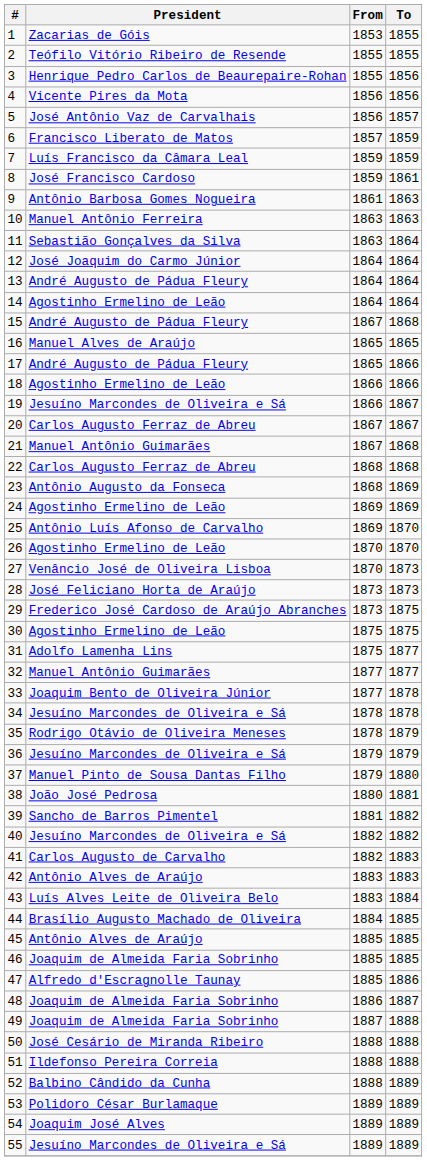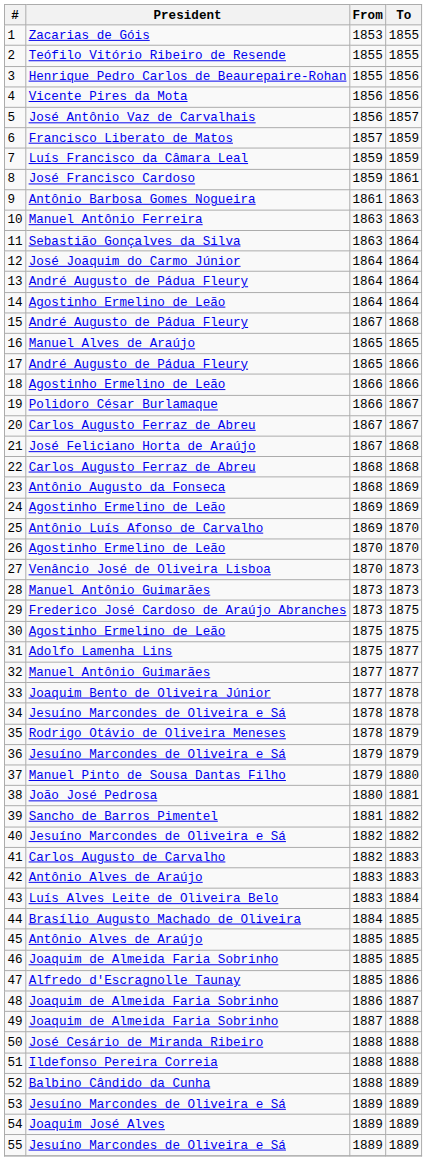 <table class="wikitable">
 <tr>
 <th>#</th>
 <th>President</th>
 <th>From</th>
 <th>To</th>
 </tr>
 <tr>
 <td>1</td>
 <td><a href='#'>Zacarias de Góis</a></td>
 <td>1853</td>
 <td>1855</td>
 </tr>
 <tr>
 <td>2</td>
 <td><a href='#'>Teófilo Vitório Ribeiro de Resende</a></td>
 <td>1855</td>
 <td>1855</td>
 </tr>
 <tr>
 <td>3</td>
 <td><a href='#'>Henrique Pedro Carlos de Beaurepaire-Rohan</a></td>
 <td>1855</td>
 <td>1856</td>
 </tr>
 <tr>
 <td>4</td>
 <td><a href='#'>Vicente Pires da Mota</a></td>
 <td>1856</td>
 <td>1856</td>
 </tr>
 <tr>
 <td>5</td>
 <td><a href='#'>José Antônio Vaz de Carvalhais</a></td>
 <td>1856</td>
 <td>1857</td>
 </tr>
 <tr>
 <td>6</td>
 <td><a href='#'>Francisco Liberato de Matos</a></td>
 <td>1857</td>
 <td>1859</td>
 </tr>
 <tr>
 <td>7</td>
 <td><a href='#'>Luís Francisco da Câmara Leal</a></td>
 <td>1859</td>
 <td>1859</td>
 </tr>
 <tr>
 <td>8</td>
 <td><a href='#'>José Francisco Cardoso</a></td>
 <td>1859</td>
 <td>1861</td>
 </tr>
 <tr>
 <td>9</td>
 <td><a href='#'>Antônio Barbosa Gomes Nogueira</a></td>
 <td>1861</td>
 <td>1863</td>
 </tr>
 <tr>
 <td>10</td>
 <td><a href='#'>Manuel Antônio Ferreira</a></td>
 <td>1863</td>
 <td>1863</td>
 </tr>
 <tr>
 <td>11</td>
 <td><a href='#'>Sebastião Gonçalves da Silva</a></td>
 <td>1863</td>
 <td>1864</td>
 </tr>
 <tr>
 <td>12</td>
 <td><a href='#'>José Joaquim do Carmo Júnior</a></td>
 <td>1864</td>
 <td>1864</td>
 </tr>
 <tr>
 <td>13</td>
 <td><a href='#'>André Augusto de Pádua Fleury</a></td>
 <td>1864</td>
 <td>1864</td>
 </tr>
 <tr>
 <td>14</td>
 <td><a href='#'>Agostinho Ermelino de Leão</a></td>
 <td>1864</td>
 <td>1864</td>
 </tr>
 <tr>
 <td>15</td>
 <td><a href='#'>André Augusto de Pádua Fleury</a></td>
 <td>1867</td>
 <td>1868</td>
 </tr>
 <tr>
 <td>16</td>
 <td><a href='#'>Manuel Alves de Araújo</a></td>
 <td>1865</td>
 <td>1865</td>
 </tr>
 <tr>
 <td>17</td>
 <td><a href='#'>André Augusto de Pádua Fleury</a></td>
 <td>1865</td>
 <td>1866</td>
 </tr>
 <tr>
 <td>18</td>
 <td><a href='#'>Agostinho Ermelino de Leão</a></td>
 <td>1866</td>
 <td>1866</td>
 </tr>
 <tr>
 <td>19</td>
-<td><a href='#'>Jesuíno Marcondes de Oliveira e Sá</a></td>
+<td><a href='#'>Polidoro César Burlamaque</a></td>
 <td>1866</td>
 <td>1867</td>
 </tr>
 <tr>
 <td>20</td>
 <td><a href='#'>Carlos Augusto Ferraz de Abreu</a></td>
 <td>1867</td>
 <td>1867</td>
 </tr>
 <tr>
 <td>21</td>
-<td><a href='#'>Manuel Antônio Guimarães</a></td>
+<td><a href='#'>José Feliciano Horta de Araújo</a></td>
 <td>1867</td>
 <td>1868</td>
 </tr>
 <tr>
 <td>22</td>
 <td><a href='#'>Carlos Augusto Ferraz de Abreu</a></td>
 <td>1868</td>
 <td>1868</td>
 </tr>
 <tr>
 <td>23</td>
 <td><a href='#'>Antônio Augusto da Fonseca</a></td>
 <td>1868</td>
 <td>1869</td>
 </tr>
 <tr>
 <td>24</td>
 <td><a href='#'>Agostinho Ermelino de Leão</a></td>
 <td>1869</td>
 <td>1869</td>
 </tr>
 <tr>
 <td>25</td>
 <td><a href='#'>Antônio Luís Afonso de Carvalho</a></td>
 <td>1869</td>
 <td>1870</td>
 </tr>
 <tr>
 <td>26</td>
 <td><a href='#'>Agostinho Ermelino de Leão</a></td>
 <td>1870</td>
 <td>1870</td>
 </tr>
 <tr>
 <td>27</td>
 <td><a href='#'>Venâncio José de Oliveira Lisboa</a></td>
 <td>1870</td>
 <td>1873</td>
 </tr>
 <tr>
 <td>28</td>
-<td><a href='#'>José Feliciano Horta de Araújo</a></td>
+<td><a href='#'>Manuel Antônio Guimarães</a></td>
 <td>1873</td>
 <td>1873</td>
 </tr>
 <tr>
 <td>29</td>
 <td><a href='#'>Frederico José Cardoso de Araújo Abranches</a></td>
 <td>1873</td>
 <td>1875</td>
 </tr>
 <tr>
 <td>30</td>
 <td><a href='#'>Agostinho Ermelino de Leão</a></td>
 <td>1875</td>
 <td>1875</td>
 </tr>
 <tr>
 <td>31</td>
 <td><a href='#'>Adolfo Lamenha Lins</a></td>
 <td>1875</td>
 <td>1877</td>
 </tr>
 <tr>
 <td>32</td>
 <td><a href='#'>Manuel Antônio Guimarães</a></td>
 <td>1877</td>
 <td>1877</td>
 </tr>
 <tr>
 <td>33</td>
 <td><a href='#'>Joaquim Bento de Oliveira Júnior</a></td>
 <td>1877</td>
 <td>1878</td>
 </tr>
 <tr>
 <td>34</td>
 <td><a href='#'>Jesuíno Marcondes de Oliveira e Sá</a></td>
 <td>1878</td>
 <td>1878</td>
 </tr>
 <tr>
 <td>35</td>
 <td><a href='#'>Rodrigo Otávio de Oliveira Meneses</a></td>
 <td>1878</td>
 <td>1879</td>
 </tr>
 <tr>
 <td>36</td>
 <td><a href='#'>Jesuíno Marcondes de Oliveira e Sá</a></td>
 <td>1879</td>
 <td>1879</td>
 </tr>
 <tr>
 <td>37</td>
 <td><a href='#'>Manuel Pinto de Sousa Dantas Filho</a></td>
 <td>1879</td>
 <td>1880</td>
 </tr>
 <tr>
 <td>38</td>
 <td><a href='#'>João José Pedrosa</a></td>
 <td>1880</td>
 <td>1881</td>
 </tr>
 <tr>
 <td>39</td>
 <td><a href='#'>Sancho de Barros Pimentel</a></td>
 <td>1881</td>
 <td>1882</td>
 </tr>
 <tr>
 <td>40</td>
 <td><a href='#'>Jesuíno Marcondes de Oliveira e Sá</a></td>
 <td>1882</td>
 <td>1882</td>
 </tr>
 <tr>
 <td>41</td>
 <td><a href='#'>Carlos Augusto de Carvalho</a></td>
 <td>1882</td>
 <td>1883</td>
 </tr>
 <tr>
 <td>42</td>
 <td><a href='#'>Antônio Alves de Araújo</a></td>
 <td>1883</td>
 <td>1883</td>
 </tr>
 <tr>
 <td>43</td>
 <td><a href='#'>Luís Alves Leite de Oliveira Belo</a></td>
 <td>1883</td>
 <td>1884</td>
 </tr>
 <tr>
 <td>44</td>
 <td><a href='#'>Brasílio Augusto Machado de Oliveira</a></td>
 <td>1884</td>
 <td>1885</td>
 </tr>
 <tr>
 <td>45</td>
 <td><a href='#'>Antônio Alves de Araújo</a></td>
 <td>1885</td>
 <td>1885</td>
 </tr>
 <tr>
 <td>46</td>
 <td><a href='#'>Joaquim de Almeida Faria Sobrinho</a></td>
 <td>1885</td>
 <td>1885</td>
 </tr>
 <tr>
 <td>47</td>
 <td><a href='#'>Alfredo d'Escragnolle Taunay</a></td>
 <td>1885</td>
 <td>1886</td>
 </tr>
 <tr>
 <td>48</td>
 <td><a href='#'>Joaquim de Almeida Faria Sobrinho</a></td>
 <td>1886</td>
 <td>1887</td>
 </tr>
 <tr>
 <td>49</td>
 <td><a href='#'>Joaquim de Almeida Faria Sobrinho</a></td>
 <td>1887</td>
 <td>1888</td>
 </tr>
 <tr>
 <td>50</td>
 <td><a href='#'>José Cesário de Miranda Ribeiro</a></td>
 <td>1888</td>
 <td>1888</td>
 </tr>
 <tr>
 <td>51</td>
 <td><a href='#'>Ildefonso Pereira Correia</a></td>
 <td>1888</td>
 <td>1888</td>
 </tr>
 <tr>
 <td>52</td>
 <td><a href='#'>Balbino Cândido da Cunha</a></td>
 <td>1888</td>
 <td>1889</td>
 </tr>
 <tr>
 <td>53</td>
-<td><a href='#'>Polidoro César Burlamaque</a></td>
+<td><a href='#'>Jesuíno Marcondes de Oliveira e Sá</a></td>
 <td>1889</td>
 <td>1889</td>
 </tr>
 <tr>
 <td>54</td>
 <td><a href='#'>Joaquim José Alves</a></td>
 <td>1889</td>
 <td>1889</td>
 </tr>
 <tr>
 <td>55</td>
 <td><a href='#'>Jesuíno Marcondes de Oliveira e Sá</a></td>
 <td>1889</td>
 <td>1889</td>
 </tr>
 <tr>
 </tr>
 </table>
